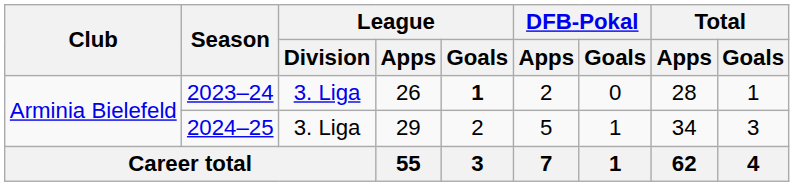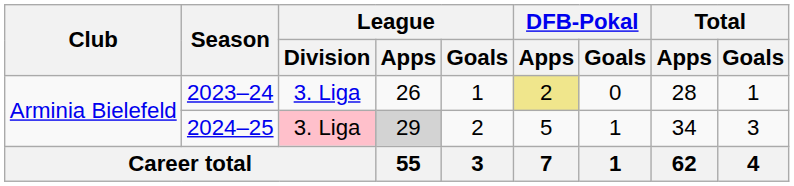 <table class="wikitable" style="text-align: center;">
 <tr>
 <th rowspan="2">Club</th>
 <th rowspan="2">Season</th>
 <th colspan="3">League</th>
 <th colspan="2"><a href='#'>DFB-Pokal</a></th>
 <th colspan="2">Total</th>
 </tr>
 <tr>
 <th>Division</th>
 <th>Apps</th>
 <th>Goals</th>
 <th>Apps</th>
 <th>Goals</th>
 <th>Apps</th>
 <th>Goals</th>
 </tr>
 <tr>
 <td rowspan="2"><a href='#'>Arminia Bielefeld</a></td>
 <td><a href='#'>2023–24</a></td>
 <td><a href='#'>3. Liga</a></td>
 <td>26</td>
-<td><strong>1</strong></td>
-<td>2</td>
+<td>1</td>
+<td style="background: khaki;">2</td>
 <td>0</td>
 <td>28</td>
 <td>1</td>
 </tr>
 <tr>
 <td><a href='#'>2024–25</a></td>
-<td>3. Liga</td>
-<td>29</td>
+<td style="background: pink;">3. Liga</td>
+<td style="background: lightgrey;">29</td>
 <td>2</td>
 <td>5</td>
 <td>1</td>
 <td>34</td>
 <td>3</td>
 </tr>
 <tr>
 <th colspan="3">Career total</th>
 <th>55</th>
 <th>3</th>
 <th>7</th>
 <th>1</th>
 <th>62</th>
 <th>4</th>
 </tr>
 </table>
